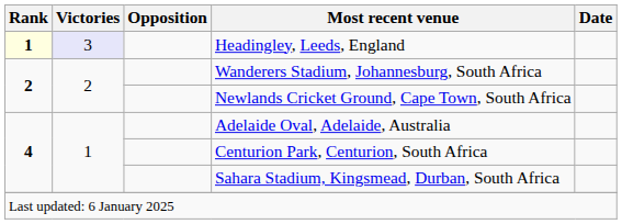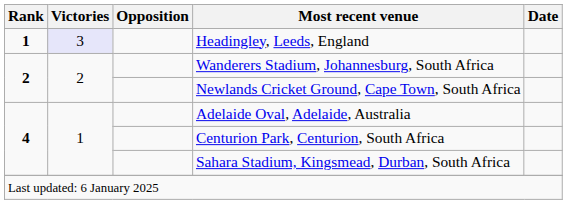 <table class="wikitable plainrowheaders sortable">
 <tr>
 <th scope=col>Rank</th>
 <th scope=col>Victories</th>
 <th scope=col>Opposition</th>
 <th scope=col>Most recent venue</th>
 <th scope=col>Date</th>
 </tr>
 <tr>
-<td align=center style="background: lightyellow;"><strong>1</strong></td>
+<td align=center><strong>1</strong></td>
 <td align=center style="background: lavender;">3</td>
 <td></td>
 <td><a href='#'>Headingley</a>, <a href='#'>Leeds</a>, England</td>
 <td></td>
 </tr>
 <tr>
 <td align=center rowspan=2><strong>2</strong></td>
 <td align=center rowspan=2>2</td>
 <td></td>
 <td><a href='#'>Wanderers Stadium</a>, <a href='#'>Johannesburg</a>, South Africa</td>
 <td></td>
 </tr>
 <tr>
 <td></td>
 <td><a href='#'>Newlands Cricket Ground</a>, <a href='#'>Cape Town</a>, South Africa</td>
 <td></td>
 </tr>
 <tr>
 <td align=center rowspan=3><strong>4</strong></td>
 <td align=center rowspan=3>1</td>
 <td></td>
 <td><a href='#'>Adelaide Oval</a>, <a href='#'>Adelaide</a>, Australia</td>
 <td></td>
 </tr>
 <tr>
 <td></td>
 <td><a href='#'>Centurion Park</a>, <a href='#'>Centurion</a>, South Africa</td>
 <td></td>
 </tr>
 <tr>
 <td></td>
 <td><a href='#'>Sahara Stadium, Kingsmead</a>, <a href='#'>Durban</a>, South Africa</td>
 <td></td>
 </tr>
 <tr>
 </tr>
 <tr class=sortbottom>
 <td colspan=5><small>Last updated: 6 January 2025</small></td>
 </tr>
 </table>
